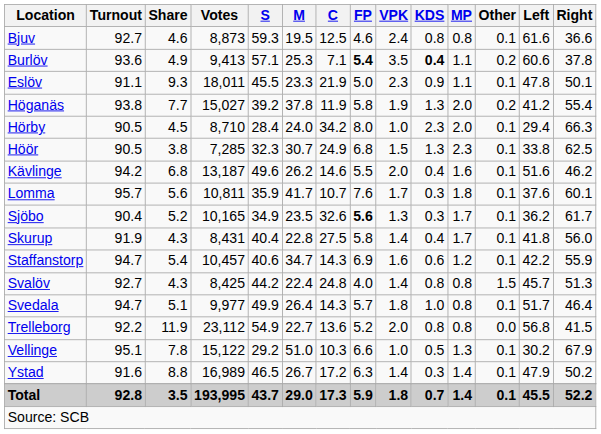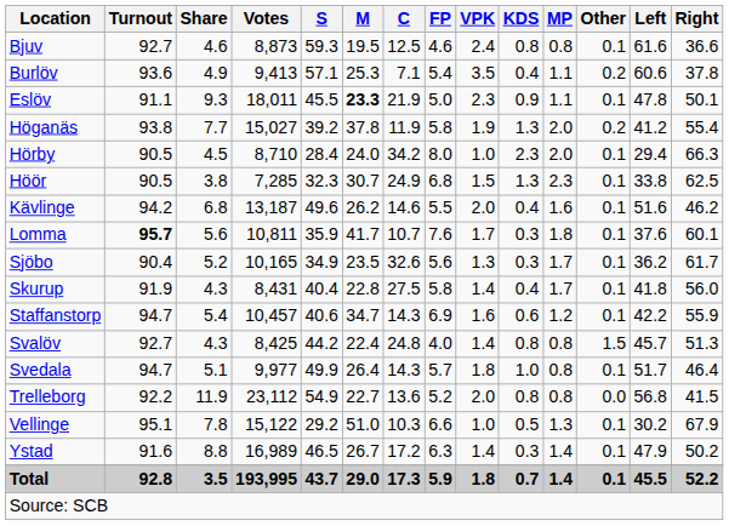 <table class="wikitable sortable" style=text-align:right>
 <tr>
 <th>Location</th>
 <th>Turnout</th>
 <th>Share</th>
 <th>Votes</th>
 <th><a href='#'>S</a></th>
 <th><a href='#'>M</a></th>
 <th><a href='#'>C</a></th>
 <th><a href='#'>FP</a></th>
 <th><a href='#'>VPK</a></th>
 <th><a href='#'>KDS</a></th>
 <th><a href='#'>MP</a></th>
 <th>Other</th>
 <th>Left</th>
 <th>Right</th>
 </tr>
 <tr>
 <td align=left><a href='#'>Bjuv</a></td>
 <td>92.7</td>
 <td>4.6</td>
 <td>8,873</td>
 <td>59.3</td>
 <td>19.5</td>
 <td>12.5</td>
 <td>4.6</td>
 <td>2.4</td>
 <td>0.8</td>
 <td>0.8</td>
 <td>0.1</td>
 <td>61.6</td>
 <td>36.6</td>
 </tr>
 <tr>
 <td align=left><a href='#'>Burlöv</a></td>
 <td>93.6</td>
 <td>4.9</td>
 <td>9,413</td>
 <td>57.1</td>
 <td>25.3</td>
 <td>7.1</td>
-<td><strong>5.4</strong></td>
+<td>5.4</td>
 <td>3.5</td>
-<td><strong>0.4</strong></td>
+<td>0.4</td>
 <td>1.1</td>
 <td>0.2</td>
 <td>60.6</td>
 <td>37.8</td>
 </tr>
 <tr>
 <td align=left><a href='#'>Eslöv</a></td>
 <td>91.1</td>
 <td>9.3</td>
 <td>18,011</td>
 <td>45.5</td>
-<td>23.3</td>
+<td><strong>23.3</strong></td>
 <td>21.9</td>
 <td>5.0</td>
 <td>2.3</td>
 <td>0.9</td>
 <td>1.1</td>
 <td>0.1</td>
 <td>47.8</td>
 <td>50.1</td>
 </tr>
 <tr>
 <td align=left><a href='#'>Höganäs</a></td>
 <td>93.8</td>
 <td>7.7</td>
 <td>15,027</td>
 <td>39.2</td>
 <td>37.8</td>
 <td>11.9</td>
 <td>5.8</td>
 <td>1.9</td>
 <td>1.3</td>
 <td>2.0</td>
 <td>0.2</td>
 <td>41.2</td>
 <td>55.4</td>
 </tr>
 <tr>
 <td align=left><a href='#'>Hörby</a></td>
 <td>90.5</td>
 <td>4.5</td>
 <td>8,710</td>
 <td>28.4</td>
 <td>24.0</td>
 <td>34.2</td>
 <td>8.0</td>
 <td>1.0</td>
 <td>2.3</td>
 <td>2.0</td>
 <td>0.1</td>
 <td>29.4</td>
 <td>66.3</td>
 </tr>
 <tr>
 <td align=left><a href='#'>Höör</a></td>
 <td>90.5</td>
 <td>3.8</td>
 <td>7,285</td>
 <td>32.3</td>
 <td>30.7</td>
 <td>24.9</td>
 <td>6.8</td>
 <td>1.5</td>
 <td>1.3</td>
 <td>2.3</td>
 <td>0.1</td>
 <td>33.8</td>
 <td>62.5</td>
 </tr>
 <tr>
 <td align=left><a href='#'>Kävlinge</a></td>
 <td>94.2</td>
 <td>6.8</td>
 <td>13,187</td>
 <td>49.6</td>
 <td>26.2</td>
 <td>14.6</td>
 <td>5.5</td>
 <td>2.0</td>
 <td>0.4</td>
 <td>1.6</td>
 <td>0.1</td>
 <td>51.6</td>
 <td>46.2</td>
 </tr>
 <tr>
 <td align=left><a href='#'>Lomma</a></td>
-<td>95.7</td>
+<td><strong>95.7</strong></td>
 <td>5.6</td>
 <td>10,811</td>
 <td>35.9</td>
 <td>41.7</td>
 <td>10.7</td>
 <td>7.6</td>
 <td>1.7</td>
 <td>0.3</td>
 <td>1.8</td>
 <td>0.1</td>
 <td>37.6</td>
 <td>60.1</td>
 </tr>
 <tr>
 <td align=left><a href='#'>Sjöbo</a></td>
 <td>90.4</td>
 <td>5.2</td>
 <td>10,165</td>
 <td>34.9</td>
 <td>23.5</td>
 <td>32.6</td>
-<td><strong>5.6</strong></td>
+<td>5.6</td>
 <td>1.3</td>
 <td>0.3</td>
 <td>1.7</td>
 <td>0.1</td>
 <td>36.2</td>
 <td>61.7</td>
 </tr>
 <tr>
 <td align=left><a href='#'>Skurup</a></td>
 <td>91.9</td>
 <td>4.3</td>
 <td>8,431</td>
 <td>40.4</td>
 <td>22.8</td>
 <td>27.5</td>
 <td>5.8</td>
 <td>1.4</td>
 <td>0.4</td>
 <td>1.7</td>
 <td>0.1</td>
 <td>41.8</td>
 <td>56.0</td>
 </tr>
 <tr>
 <td align=left><a href='#'>Staffanstorp</a></td>
 <td>94.7</td>
 <td>5.4</td>
 <td>10,457</td>
 <td>40.6</td>
 <td>34.7</td>
 <td>14.3</td>
 <td>6.9</td>
 <td>1.6</td>
 <td>0.6</td>
 <td>1.2</td>
 <td>0.1</td>
 <td>42.2</td>
 <td>55.9</td>
 </tr>
 <tr>
 <td align=left><a href='#'>Svalöv</a></td>
 <td>92.7</td>
 <td>4.3</td>
 <td>8,425</td>
 <td>44.2</td>
 <td>22.4</td>
 <td>24.8</td>
 <td>4.0</td>
 <td>1.4</td>
 <td>0.8</td>
 <td>0.8</td>
 <td>1.5</td>
 <td>45.7</td>
 <td>51.3</td>
 </tr>
 <tr>
 <td align=left><a href='#'>Svedala</a></td>
 <td>94.7</td>
 <td>5.1</td>
 <td>9,977</td>
 <td>49.9</td>
 <td>26.4</td>
 <td>14.3</td>
 <td>5.7</td>
 <td>1.8</td>
 <td>1.0</td>
 <td>0.8</td>
 <td>0.1</td>
 <td>51.7</td>
 <td>46.4</td>
 </tr>
 <tr>
 <td align=left><a href='#'>Trelleborg</a></td>
 <td>92.2</td>
 <td>11.9</td>
 <td>23,112</td>
 <td>54.9</td>
 <td>22.7</td>
 <td>13.6</td>
 <td>5.2</td>
 <td>2.0</td>
 <td>0.8</td>
 <td>0.8</td>
 <td>0.0</td>
 <td>56.8</td>
 <td>41.5</td>
 </tr>
 <tr>
 <td align=left><a href='#'>Vellinge</a></td>
 <td>95.1</td>
 <td>7.8</td>
 <td>15,122</td>
 <td>29.2</td>
 <td>51.0</td>
 <td>10.3</td>
 <td>6.6</td>
 <td>1.0</td>
 <td>0.5</td>
 <td>1.3</td>
 <td>0.1</td>
 <td>30.2</td>
 <td>67.9</td>
 </tr>
 <tr>
 <td align=left><a href='#'>Ystad</a></td>
 <td>91.6</td>
 <td>8.8</td>
 <td>16,989</td>
 <td>46.5</td>
 <td>26.7</td>
 <td>17.2</td>
 <td>6.3</td>
 <td>1.4</td>
 <td>0.3</td>
 <td>1.4</td>
 <td>0.1</td>
 <td>47.9</td>
 <td>50.2</td>
 </tr>
 <tr>
 </tr>
 <tr style="background:#CDCDCD;">
 <td align=left><strong>Total</strong></td>
 <td><strong>92.8</strong></td>
 <td><strong>3.5</strong></td>
 <td><strong>193,995</strong></td>
 <td><strong>43.7</strong></td>
 <td><strong>29.0</strong></td>
 <td><strong>17.3</strong></td>
 <td><strong>5.9</strong></td>
 <td><strong>1.8</strong></td>
 <td><strong>0.7</strong></td>
 <td><strong>1.4</strong></td>
 <td><strong>0.1</strong></td>
 <td><strong>45.5</strong></td>
 <td><strong>52.2</strong></td>
 </tr>
 <tr>
 <td align=left colspan=14>Source: SCB </td>
 </tr>
 </table>
